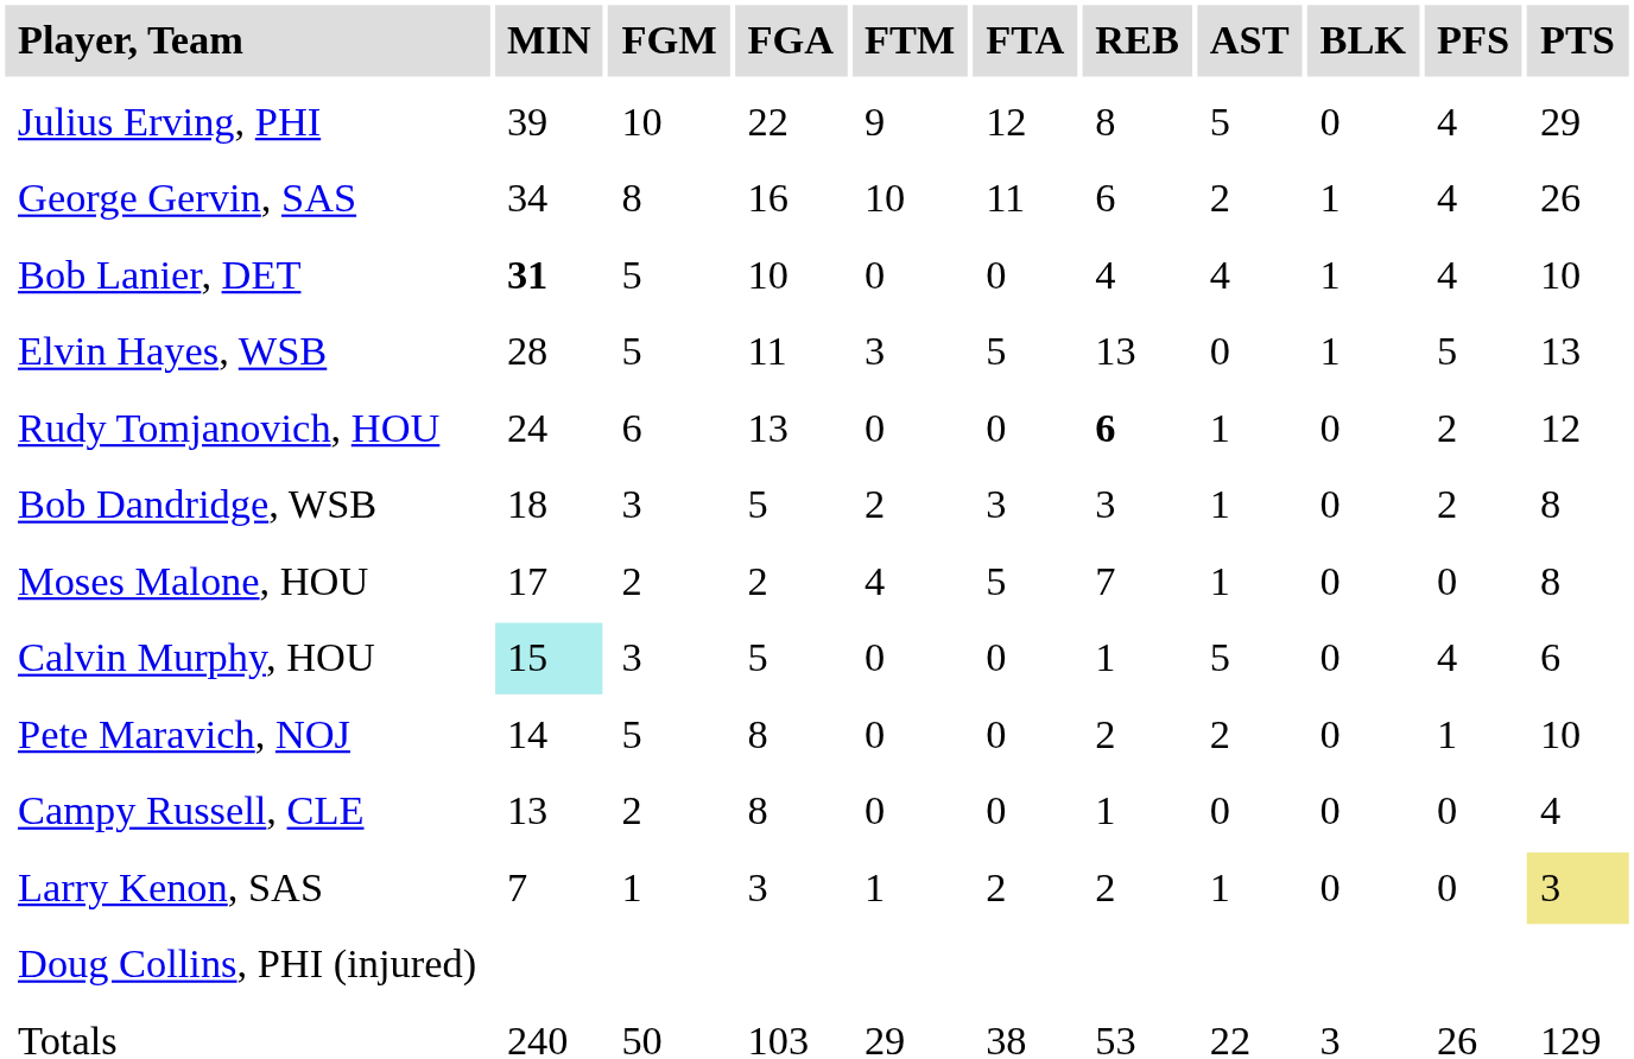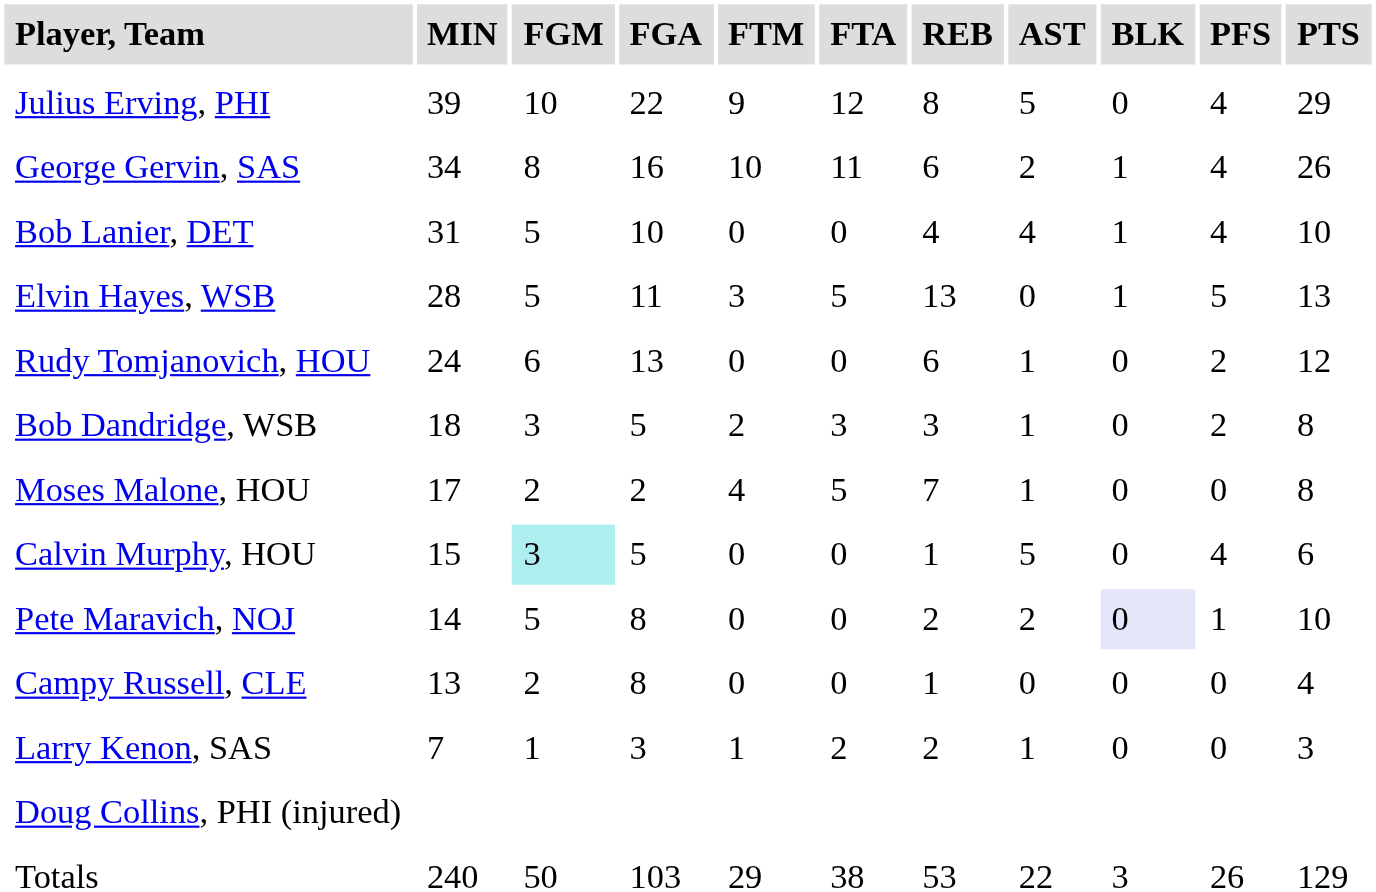 <table cellpadding=5>
 <tr bgcolor="#dddddd">
 <td><strong>Player, Team</strong></td>
 <td><strong>MIN</strong></td>
 <td><strong>FGM</strong></td>
 <td><strong>FGA</strong></td>
 <td><strong>FTM</strong></td>
 <td><strong>FTA</strong></td>
 <td><strong>REB</strong></td>
 <td><strong>AST</strong></td>
 <td><strong>BLK</strong></td>
 <td><strong>PFS</strong></td>
 <td><strong>PTS</strong></td>
 </tr>
 <tr bgcolor="#eeeeee">
 </tr>
 <tr>
 <td><a href='#'>Julius Erving</a>, <a href='#'>PHI</a></td>
 <td>39</td>
 <td>10</td>
 <td>22</td>
 <td>9</td>
 <td>12</td>
 <td>8</td>
 <td>5</td>
 <td>0</td>
 <td>4</td>
 <td>29</td>
 </tr>
 <tr>
 <td><a href='#'>George Gervin</a>, <a href='#'>SAS</a></td>
 <td>34</td>
 <td>8</td>
 <td>16</td>
 <td>10</td>
 <td>11</td>
 <td>6</td>
 <td>2</td>
 <td>1</td>
 <td>4</td>
 <td>26</td>
 </tr>
 <tr>
 <td><a href='#'>Bob Lanier</a>, <a href='#'>DET</a></td>
-<td><strong>31</strong></td>
+<td>31</td>
 <td>5</td>
 <td>10</td>
 <td>0</td>
 <td>0</td>
 <td>4</td>
 <td>4</td>
 <td>1</td>
 <td>4</td>
 <td>10</td>
 </tr>
 <tr>
 <td><a href='#'>Elvin Hayes</a>, <a href='#'>WSB</a></td>
 <td>28</td>
 <td>5</td>
 <td>11</td>
 <td>3</td>
 <td>5</td>
 <td>13</td>
 <td>0</td>
 <td>1</td>
 <td>5</td>
 <td>13</td>
 </tr>
 <tr>
 <td><a href='#'>Rudy Tomjanovich</a>, <a href='#'>HOU</a></td>
 <td>24</td>
 <td>6</td>
 <td>13</td>
 <td>0</td>
 <td>0</td>
-<td><strong>6</strong></td>
+<td>6</td>
 <td>1</td>
 <td>0</td>
 <td>2</td>
 <td>12</td>
 </tr>
 <tr>
 <td><a href='#'>Bob Dandridge</a>, WSB</td>
 <td>18</td>
 <td>3</td>
 <td>5</td>
 <td>2</td>
 <td>3</td>
 <td>3</td>
 <td>1</td>
 <td>0</td>
 <td>2</td>
 <td>8</td>
 </tr>
 <tr>
 <td><a href='#'>Moses Malone</a>, HOU</td>
 <td>17</td>
 <td>2</td>
 <td>2</td>
 <td>4</td>
 <td>5</td>
 <td>7</td>
 <td>1</td>
 <td>0</td>
 <td>0</td>
 <td>8</td>
 </tr>
 <tr>
 <td><a href='#'>Calvin Murphy</a>, HOU</td>
-<td style="background: paleturquoise;">15</td>
-<td>3</td>
+<td>15</td>
+<td style="background: paleturquoise;">3</td>
 <td>5</td>
 <td>0</td>
 <td>0</td>
 <td>1</td>
 <td>5</td>
 <td>0</td>
 <td>4</td>
 <td>6</td>
 </tr>
 <tr>
 <td><a href='#'>Pete Maravich</a>, <a href='#'>NOJ</a></td>
 <td>14</td>
 <td>5</td>
 <td>8</td>
 <td>0</td>
 <td>0</td>
 <td>2</td>
 <td>2</td>
-<td>0</td>
+<td style="background: lavender;">0</td>
 <td>1</td>
 <td>10</td>
 </tr>
 <tr>
 <td><a href='#'>Campy Russell</a>, <a href='#'>CLE</a></td>
 <td>13</td>
 <td>2</td>
 <td>8</td>
 <td>0</td>
 <td>0</td>
 <td>1</td>
 <td>0</td>
 <td>0</td>
 <td>0</td>
 <td>4</td>
 </tr>
 <tr>
 <td><a href='#'>Larry Kenon</a>, SAS</td>
 <td>7</td>
 <td>1</td>
 <td>3</td>
 <td>1</td>
 <td>2</td>
 <td>2</td>
 <td>1</td>
 <td>0</td>
 <td>0</td>
-<td style="background: khaki;">3</td>
+<td>3</td>
 </tr>
 <tr>
 <td><a href='#'>Doug Collins</a>, PHI (injured)</td>
 </tr>
 <tr>
 <td>Totals</td>
 <td>240</td>
 <td>50</td>
 <td>103</td>
 <td>29</td>
 <td>38</td>
 <td>53</td>
 <td>22</td>
 <td>3</td>
 <td>26</td>
 <td>129</td>
 </tr>
 <tr>
 </tr>
 </table>
